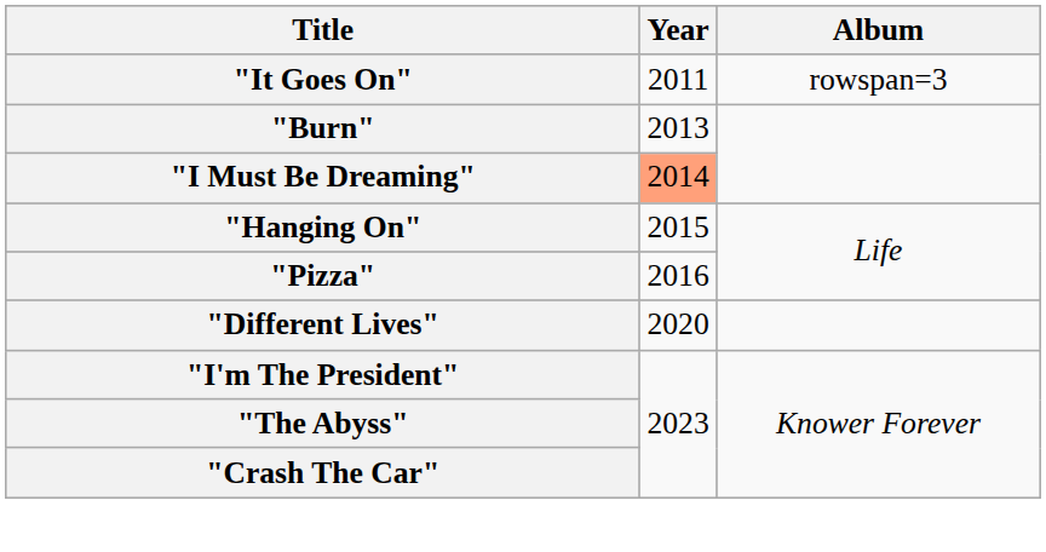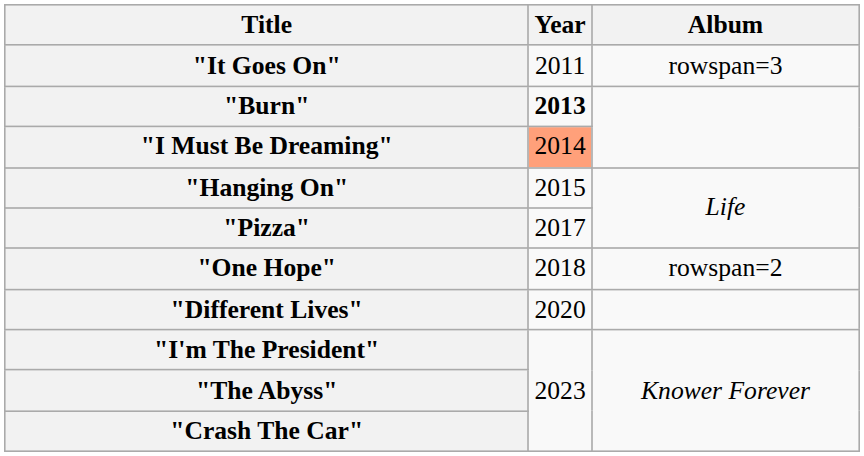 <table class="wikitable plainrowheaders" style="text-align:center;">
 <tr>
 <th rowspan="1" style="width:20em;">Title</th>
 <th rowspan="1" style="width:1em;">Year</th>
 <th rowspan="1" style="width:10em;">Album</th>
 </tr>
 <tr>
 <th scope="row">"It Goes On"<br></th>
 <td>2011</td>
 <td>rowspan=3 </td>
 </tr>
 <tr>
 <th scope="row">"Burn"</th>
-<td>2013</td>
+<td><strong>2013</strong></td>
 </tr>
 <tr>
 <th scope="row">"I Must Be Dreaming"</th>
 <td style="background: lightsalmon;">2014</td>
 </tr>
 <tr>
 <th scope="row">"Hanging On"</th>
 <td>2015</td>
 <td rowspan=2><em>Life</em></td>
 </tr>
 <tr>
 <th scope="row">"Pizza"</th>
-<td>2016</td>
+<td>2017</td>
+</tr>
+<tr>
+<th scope="row">"One Hope"<br> </th>
+<td>2018</td>
+<td>rowspan=2 </td>
 </tr>
 <tr>
 <th scope="row">"Different Lives"</th>
 <td>2020</td>
 </tr>
 <tr>
 <th scope="row">"I'm The President"</th>
 <td rowspan=3>2023</td>
 <td rowspan=3><em>Knower Forever</em></td>
 </tr>
 <tr>
 <th scope="row">"The Abyss"</th>
 </tr>
 <tr>
 <th scope="row">"Crash The Car"</th>
 </tr>
 </table>
